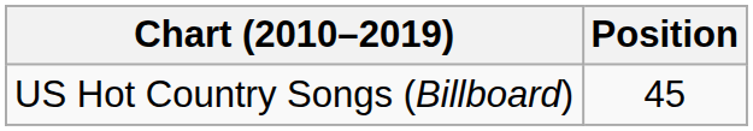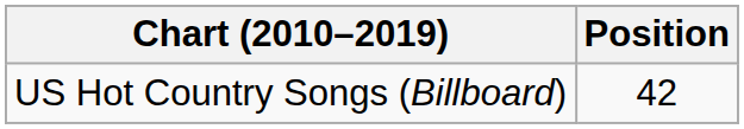 <table class="wikitable">
 <tr>
 <th>Chart (2010–2019)</th>
 <th>Position</th>
 </tr>
 <tr>
 <td>US Hot Country Songs (<em>Billboard</em>)</td>
-<td style="text-align:center;">45</td>
+<td style="text-align:center;">42</td>
 </tr>
 </table>
